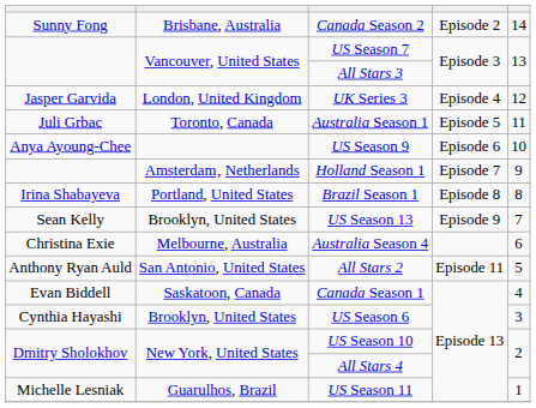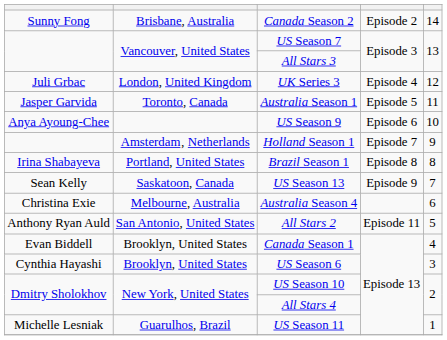 <table class="wikitable sortable" style="text-align:center;">
 <tr>
 <th></th>
 <th></th>
 <th></th>
 <th></th>
 <th></th>
 </tr>
 <tr>
 <td><a href='#'>Sunny Fong</a></td>
 <td><a href='#'>Brisbane</a>, <a href='#'>Australia</a></td>
 <td><a href='#'><em>Canada</em> Season 2</a></td>
 <td>Episode 2</td>
 <td>14</td>
 </tr>
 <tr>
 <td scope="row" rowspan="2"></td>
 <td rowspan="2"><a href='#'>Vancouver</a>, <a href='#'>United States</a></td>
 <td><a href='#'><em>US</em> Season 7</a></td>
 <td rowspan="2">Episode 3</td>
 <td rowspan="2">13</td>
 </tr>
 <tr>
 <td><a href='#'><em>All Stars 3</em></a></td>
 </tr>
 <tr>
-<td><a href='#'>Jasper Garvida</a></td>
+<td><a href='#'>Juli Grbac</a></td>
 <td><a href='#'>London</a>, <a href='#'>United Kingdom</a></td>
 <td><a href='#'><em>UK</em> Series 3</a></td>
 <td>Episode 4</td>
 <td>12</td>
 </tr>
 <tr>
-<td><a href='#'>Juli Grbac</a></td>
+<td><a href='#'>Jasper Garvida</a></td>
 <td><a href='#'>Toronto</a>, <a href='#'>Canada</a></td>
 <td><a href='#'><em>Australia</em> Season 1</a></td>
 <td>Episode 5</td>
 <td>11</td>
 </tr>
 <tr>
 <td><a href='#'>Anya Ayoung-Chee</a></td>
 <td></td>
 <td><a href='#'><em>US</em> Season 9</a></td>
 <td>Episode 6</td>
 <td>10</td>
 </tr>
 <tr>
 <td></td>
 <td><a href='#'>Amsterdam</a>‚ <a href='#'>Netherlands</a></td>
 <td><a href='#'><em>Holland</em> Season 1</a></td>
 <td>Episode 7</td>
 <td>9</td>
 </tr>
 <tr>
 <td><a href='#'>Irina Shabayeva</a></td>
 <td><a href='#'>Portland</a>, <a href='#'>United States</a></td>
 <td><a href='#'><em>Brazil</em> Season 1</a></td>
 <td>Episode 8</td>
 <td>8</td>
 </tr>
 <tr>
 <td>Sean Kelly</td>
-<td>Brooklyn, United States</td>
+<td><a href='#'>Saskatoon</a>, <a href='#'>Canada</a></td>
 <td><a href='#'><em>US</em> Season 13</a></td>
 <td>Episode 9</td>
 <td>7</td>
 </tr>
 <tr>
 <td>Christina Exie</td>
 <td><a href='#'>Melbourne</a>, <a href='#'>Australia</a></td>
 <td><a href='#'><em>Australia</em> Season 4</a></td>
 <td></td>
 <td>6</td>
 </tr>
 <tr>
 <td>Anthony Ryan Auld</td>
 <td><a href='#'>San Antonio</a>, <a href='#'>United States</a></td>
 <td><a href='#'><em>All Stars 2</em></a></td>
 <td>Episode 11</td>
 <td>5</td>
 </tr>
 <tr>
 <td>Evan Biddell</td>
-<td><a href='#'>Saskatoon</a>, <a href='#'>Canada</a></td>
+<td>Brooklyn, United States</td>
 <td><a href='#'><em>Canada</em> Season 1</a></td>
 <td rowspan="5">Episode 13</td>
 <td>4</td>
 </tr>
 <tr>
 <td>Cynthia Hayashi</td>
 <td><a href='#'>Brooklyn</a>, <a href='#'>United States</a></td>
 <td><a href='#'><em>US</em> Season 6</a></td>
 <td>3</td>
 </tr>
 <tr>
 <td scope="row" rowspan="2"><a href='#'>Dmitry Sholokhov</a></td>
 <td rowspan="2"><a href='#'>New York</a>, <a href='#'>United States</a></td>
 <td><a href='#'><em>US</em> Season 10</a></td>
 <td rowspan="2">2</td>
 </tr>
 <tr>
 <td><a href='#'><em>All Stars 4</em></a></td>
 </tr>
 <tr>
 <td>Michelle Lesniak</td>
 <td><a href='#'>Guarulhos</a>, <a href='#'>Brazil</a></td>
 <td><a href='#'><em>US</em> Season 11</a></td>
 <td>1</td>
 </tr>
 <tr>
 </tr>
 </table>
